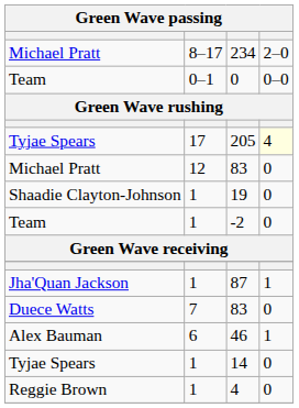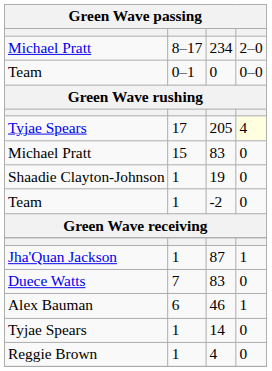 <table class="wikitable plainrowheaders">
 <tr>
 <th colspan="6">Green Wave passing</th>
 </tr>
 <tr>
 <th scope="col"></th>
 <th scope="col"></th>
 <th scope="col"></th>
 <th scope="col"></th>
 </tr>
 <tr>
 <td><a href='#'>Michael Pratt</a></td>
 <td>8–17</td>
 <td>234</td>
 <td>2–0</td>
 </tr>
 <tr>
 <td>Team</td>
 <td>0–1</td>
 <td>0</td>
 <td>0–0</td>
 </tr>
 <tr>
 <th colspan="6">Green Wave rushing</th>
 </tr>
 <tr>
 <th scope="col"></th>
 <th scope="col"></th>
 <th scope="col"></th>
 <th scope="col"></th>
 </tr>
 <tr>
 <td><a href='#'>Tyjae Spears</a></td>
 <td>17</td>
 <td>205</td>
 <td style="background: lightyellow;">4</td>
 </tr>
 <tr>
 <td>Michael Pratt</td>
-<td>12</td>
+<td>15</td>
 <td>83</td>
 <td>0</td>
 </tr>
 <tr>
 <td>Shaadie Clayton-Johnson</td>
 <td>1</td>
 <td>19</td>
 <td>0</td>
 </tr>
 <tr>
 <td>Team</td>
 <td>1</td>
 <td>-2</td>
 <td>0</td>
 </tr>
 <tr>
 <th colspan="6">Green Wave receiving</th>
 </tr>
 <tr>
 </tr>
 <tr>
 <th scope="col"></th>
 <th scope="col"></th>
 <th scope="col"></th>
 <th scope="col"></th>
 </tr>
 <tr>
 <td><a href='#'>Jha'Quan Jackson</a></td>
 <td>1</td>
 <td>87</td>
 <td>1</td>
 </tr>
 <tr>
 <td><a href='#'>Duece Watts</a></td>
 <td>7</td>
 <td>83</td>
 <td>0</td>
 </tr>
 <tr>
 <td>Alex Bauman</td>
 <td>6</td>
 <td>46</td>
 <td>1</td>
 </tr>
 <tr>
 <td>Tyjae Spears</td>
 <td>1</td>
 <td>14</td>
 <td>0</td>
 </tr>
 <tr>
 <td>Reggie Brown</td>
 <td>1</td>
 <td>4</td>
 <td>0</td>
 </tr>
 <tr>
 </tr>
 </table>
